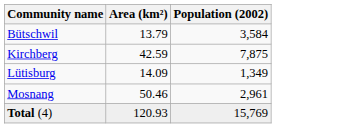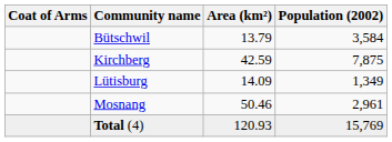 <table class="wikitable">
 <tr>
+<th>Coat of Arms</th>
 <th>Community name</th>
 <th>Area (km²)</th>
 <th>Population (2002)</th>
 </tr>
 <tr>
+<td align="center"></td>
 <td><a href='#'>Bütschwil</a></td>
 <td align="right">13.79</td>
 <td align="right">3,584</td>
 </tr>
 <tr>
+<td align="center"></td>
 <td><a href='#'>Kirchberg</a></td>
 <td align="right">42.59</td>
 <td align="right">7,875</td>
 </tr>
 <tr>
+<td align="center"></td>
 <td><a href='#'>Lütisburg</a></td>
 <td align="right">14.09</td>
 <td align="right">1,349</td>
 </tr>
 <tr>
+<td align="center"></td>
 <td><a href='#'>Mosnang</a></td>
 <td align="right">50.46</td>
 <td align="right">2,961</td>
 </tr>
 <tr style="background:#EFEFEF;">
+<td></td>
 <td><strong>Total</strong> (4)</td>
 <td align="right">120.93</td>
 <td align="right">15,769</td>
 </tr>
 </table>
